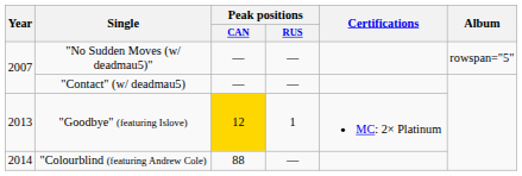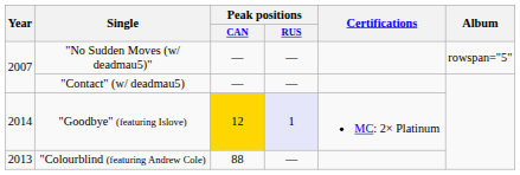 <table class="wikitable plainrowheaders" style="text-align:center;">
 <tr>
 <th rowspan="2">Year</th>
 <th rowspan="2" style="width:14em;">Single</th>
 <th colspan="2">Peak positions</th>
 <th rowspan="2" style="width:10em;"><a href='#'>Certifications</a></th>
 <th rowspan="2">Album</th>
 </tr>
 <tr style="font-size:smaller;">
 <th width="65"><a href='#'>CAN</a><br></th>
 <th width="65"><a href='#'>RUS</a><br></th>
 </tr>
 <tr>
 <td rowspan="2">2007</td>
 <td>"No Sudden Moves (w/ deadmau5)"</td>
 <td>—</td>
 <td>—</td>
 <td></td>
 <td>rowspan="5" </td>
 </tr>
 <tr>
 <td>"Contact" (w/ deadmau5)</td>
 <td>—</td>
 <td>—</td>
 <td></td>
 </tr>
 <tr>
-<td>2013</td>
+<td>2014</td>
 <td>"Goodbye" <small>(featuring Islove)</small></td>
 <td style="background: gold;">12</td>
-<td>1</td>
+<td style="background: lavender;">1</td>
 <td><br><ul><li><a href='#'>MC</a>: 2× Platinum</li></ul></td>
 </tr>
 <tr>
-<td>2014</td>
+<td>2013</td>
 <td>"Colourblind <small>(featuring Andrew Cole)</small></td>
 <td>88</td>
 <td>—</td>
 <td></td>
 </tr>
 </table>
